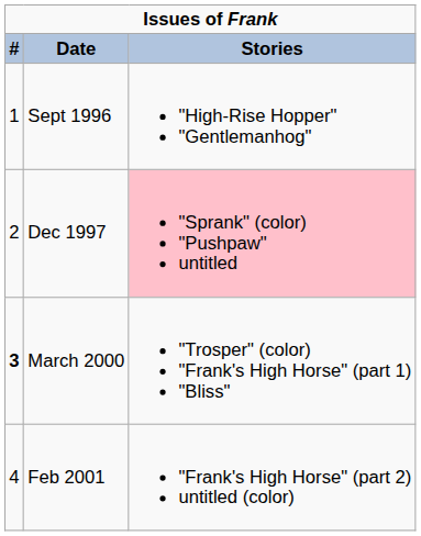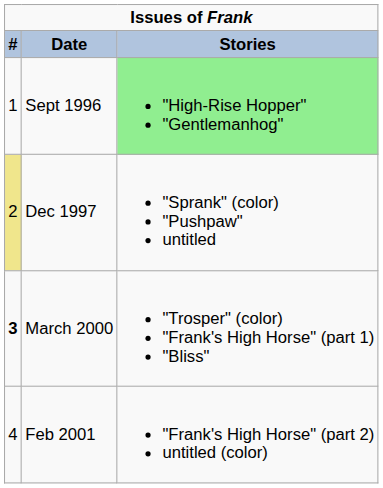 <table class="wikitable">
 <tr>
 <td colspan="4" style="text-align:center;font-weight:bold; ">Issues of <em>Frank</em></td>
 </tr>
 <tr>
 <th style="background:#B0C4DE;">#</th>
 <th style="background:#B0C4DE;">Date</th>
 <th style="background:#B0C4DE;">Stories</th>
 </tr>
 <tr>
 <td>1</td>
 <td>Sept 1996</td>
-<td><br><ul><li>"High-Rise Hopper"</li><li>"Gentlemanhog"</li></ul></td>
+<td style="background: lightgreen;"><br><ul><li>"High-Rise Hopper"</li><li>"Gentlemanhog"</li></ul></td>
 </tr>
 <tr>
-<td>2</td>
+<td style="background: khaki;">2</td>
 <td>Dec 1997</td>
-<td style="background: pink;"><br><ul><li>"Sprank" (color)</li><li>"Pushpaw"</li><li>untitled</li></ul></td>
+<td><br><ul><li>"Sprank" (color)</li><li>"Pushpaw"</li><li>untitled</li></ul></td>
 </tr>
 <tr>
 <td><strong>3</strong></td>
 <td>March 2000</td>
 <td><br><ul><li>"Trosper" (color)</li><li>"Frank's High Horse" (part 1)</li><li>"Bliss"</li></ul></td>
 </tr>
 <tr>
 <td>4</td>
 <td>Feb 2001</td>
 <td><br><ul><li>"Frank's High Horse" (part 2)</li><li>untitled (color)</li></ul></td>
 </tr>
 </table>
